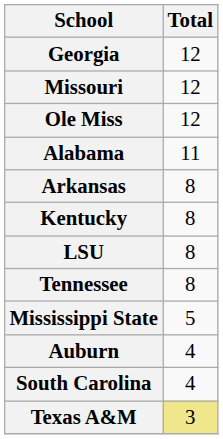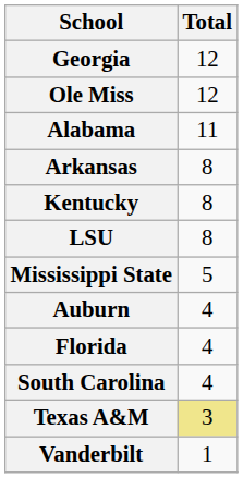 <table class=wikitable style="text-align:center">
 <tr>
 <th>School</th>
 <th>Total</th>
 </tr>
 <tr>
 <th>Georgia</th>
-<td>12</td>
-</tr>
-<tr>
-<th>Missouri</th>
 <td>12</td>
 </tr>
 <tr>
 <th>Ole Miss</th>
 <td>12</td>
 </tr>
 <tr>
 <th>Alabama</th>
 <td>11</td>
 </tr>
 <tr>
 <th>Arkansas</th>
 <td>8</td>
 </tr>
 <tr>
 <th>Kentucky</th>
 <td>8</td>
 </tr>
 <tr>
 <th>LSU</th>
 <td>8</td>
 </tr>
 <tr>
-<th>Tennessee</th>
-<td>8</td>
-</tr>
-<tr>
 <th>Mississippi State</th>
 <td>5</td>
 </tr>
 <tr>
 <th>Auburn</th>
+<td>4</td>
+</tr>
+<tr>
+<th>Florida</th>
 <td>4</td>
 </tr>
 <tr>
 <th>South Carolina</th>
 <td>4</td>
 </tr>
 <tr>
 <th>Texas A&M</th>
 <td style="background: khaki;">3</td>
 </tr>
 <tr>
+<th>Vanderbilt</th>
+<td>1</td>
+</tr>
+<tr>
 </tr>
 </table>
